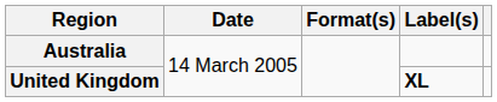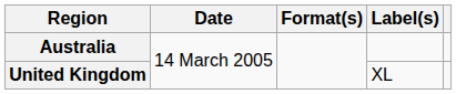 <table class="wikitable plainrowheaders">
 <tr>
 <th scope="col">Region</th>
 <th scope="col">Date</th>
 <th scope="col">Format(s)</th>
 <th scope="col">Label(s)</th>
 <th scope="col"></th>
 </tr>
 <tr>
 <th scope="row">Australia</th>
 <td rowspan="2">14 March 2005</td>
 <td rowspan="2"></td>
 <td></td>
 <td align="center"></td>
 </tr>
 <tr>
 <th scope="row">United Kingdom</th>
-<td><strong>XL</strong></td>
+<td>XL</td>
 <td align="center"></td>
 </tr>
 </table>
